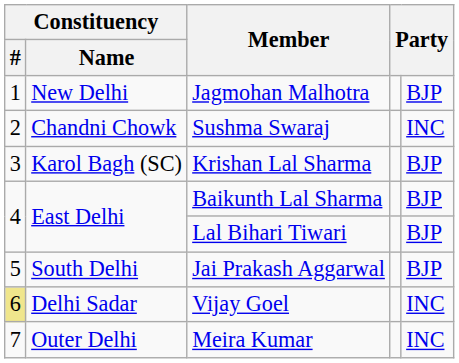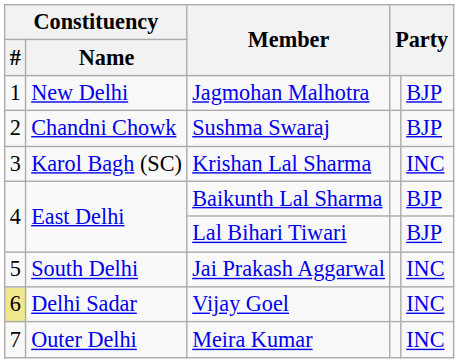 <table class="wikitable sortable">
 <tr>
 <th colspan="2">Constituency</th>
 <th rowspan="2">Member</th>
 <th colspan="2" rowspan="2">Party</th>
 </tr>
 <tr>
 <th>#</th>
 <th>Name</th>
 </tr>
 <tr>
 <td>1</td>
 <td><a href='#'>New Delhi</a></td>
 <td><a href='#'>Jagmohan Malhotra</a></td>
 <td style="background-color: "></td>
 <td><a href='#'>BJP</a></td>
 </tr>
 <tr>
 <td>2</td>
 <td><a href='#'>Chandni Chowk</a></td>
 <td><a href='#'>Sushma Swaraj</a></td>
 <td style="background-color: "></td>
-<td><a href='#'>INC</a></td>
+<td><a href='#'>BJP</a></td>
 </tr>
 <tr>
 <td>3</td>
 <td><a href='#'>Karol Bagh</a> (SC)</td>
 <td><a href='#'>Krishan Lal Sharma</a></td>
 <td style="background-color: "></td>
-<td><a href='#'>BJP</a></td>
+<td><a href='#'>INC</a></td>
 </tr>
 <tr>
 <td rowspan="2">4</td>
 <td rowspan="2"><a href='#'>East Delhi</a></td>
 <td><a href='#'>Baikunth Lal Sharma</a></td>
 <td style="background-color: "></td>
 <td><a href='#'>BJP</a></td>
 </tr>
 <tr>
 <td><a href='#'>Lal Bihari Tiwari</a></td>
 <td style="background-color: "></td>
 <td><a href='#'>BJP</a></td>
 </tr>
 <tr>
 <td>5</td>
 <td><a href='#'>South Delhi</a></td>
 <td><a href='#'>Jai Prakash Aggarwal</a></td>
 <td style="background-color: "></td>
-<td><a href='#'>BJP</a></td>
+<td><a href='#'>INC</a></td>
 </tr>
 <tr>
 <td style="background: khaki;">6</td>
 <td><a href='#'>Delhi Sadar</a></td>
 <td><a href='#'>Vijay Goel</a></td>
 <td style="background-color: "></td>
 <td><a href='#'>INC</a></td>
 </tr>
 <tr>
 <td>7</td>
 <td><a href='#'>Outer Delhi</a></td>
 <td><a href='#'>Meira Kumar</a></td>
 <td style="background-color: "></td>
 <td><a href='#'>INC</a></td>
 </tr>
 </table>
